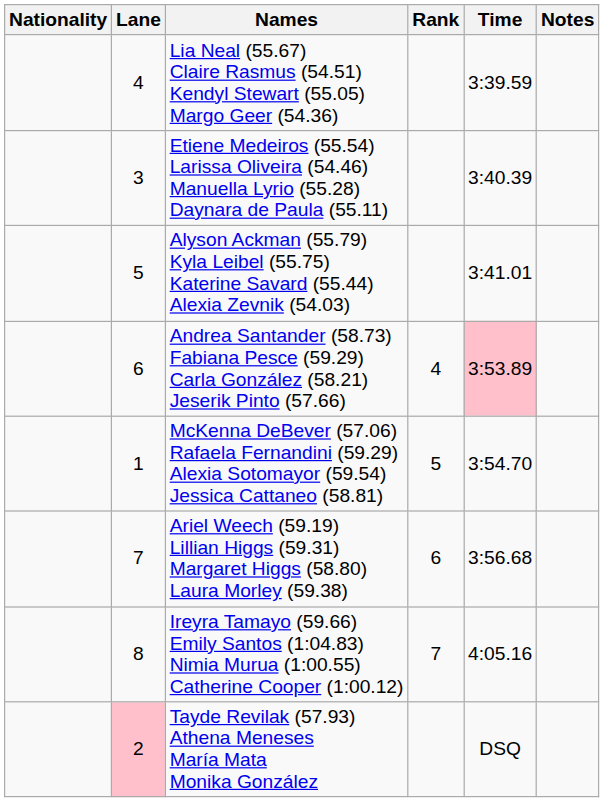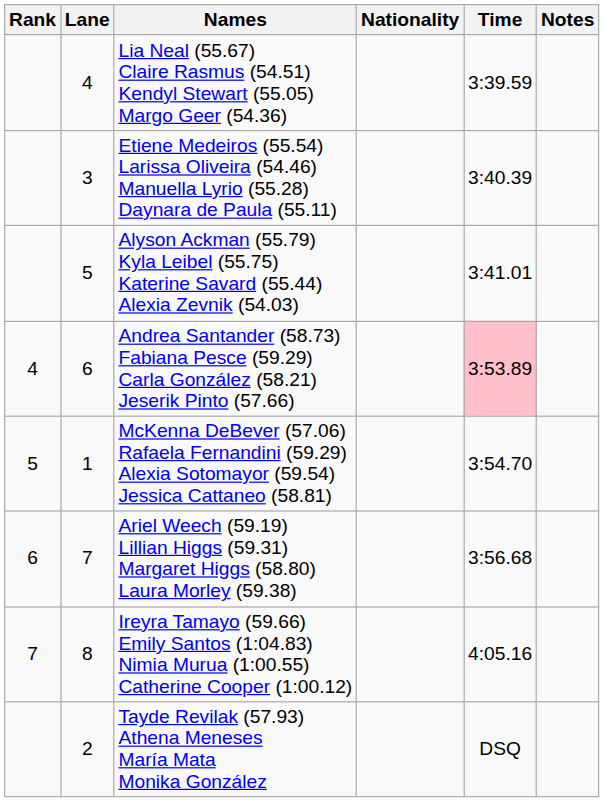 <table class="wikitable sortable" style="text-align:center">
 <tr>
-<th>Nationality</th>
+<th>Rank</th>
 <th>Lane</th>
 <th>Names</th>
-<th>Rank</th>
+<th>Nationality</th>
 <th>Time</th>
 <th>Notes</th>
 </tr>
 <tr>
-<td align=left></td>
+<td></td>
 <td>4</td>
 <td align=left><a href='#'>Lia Neal</a> (55.67)<br><a href='#'>Claire Rasmus</a> (54.51)<br><a href='#'>Kendyl Stewart</a> (55.05)<br><a href='#'>Margo Geer</a> (54.36)</td>
-<td></td>
+<td align=left></td>
 <td>3:39.59</td>
 <td></td>
 </tr>
 <tr>
-<td align=left></td>
+<td></td>
 <td>3</td>
 <td align=left><a href='#'>Etiene Medeiros</a> (55.54)<br><a href='#'>Larissa Oliveira</a> (54.46)<br><a href='#'>Manuella Lyrio</a> (55.28)<br><a href='#'>Daynara de Paula</a> (55.11)</td>
-<td></td>
+<td align=left></td>
 <td>3:40.39</td>
 <td></td>
 </tr>
 <tr>
-<td align=left></td>
+<td></td>
 <td>5</td>
 <td align=left><a href='#'>Alyson Ackman</a> (55.79)<br><a href='#'>Kyla Leibel</a> (55.75)<br><a href='#'>Katerine Savard</a> (55.44)<br><a href='#'>Alexia Zevnik</a> (54.03)</td>
-<td></td>
+<td align=left></td>
 <td>3:41.01</td>
 <td></td>
 </tr>
 <tr>
-<td align=left></td>
+<td>4</td>
 <td>6</td>
 <td align=left><a href='#'>Andrea Santander</a> (58.73)<br><a href='#'>Fabiana Pesce</a> (59.29)<br><a href='#'>Carla González</a> (58.21)<br><a href='#'>Jeserik Pinto</a> (57.66)</td>
-<td>4</td>
+<td align=left></td>
 <td style="background: pink;">3:53.89</td>
 <td></td>
 </tr>
 <tr>
-<td align=left></td>
+<td>5</td>
 <td>1</td>
 <td align=left><a href='#'>McKenna DeBever</a> (57.06)<br><a href='#'>Rafaela Fernandini</a> (59.29)<br><a href='#'>Alexia Sotomayor</a> (59.54)<br><a href='#'>Jessica Cattaneo</a> (58.81)</td>
-<td>5</td>
+<td align=left></td>
 <td>3:54.70</td>
 <td></td>
 </tr>
 <tr>
-<td align=left></td>
+<td>6</td>
 <td>7</td>
 <td align=left><a href='#'>Ariel Weech</a> (59.19)<br><a href='#'>Lillian Higgs</a> (59.31)<br><a href='#'>Margaret Higgs</a> (58.80)<br><a href='#'>Laura Morley</a> (59.38)</td>
-<td>6</td>
+<td align=left></td>
 <td>3:56.68</td>
 <td></td>
 </tr>
 <tr>
-<td align=left></td>
+<td>7</td>
 <td>8</td>
 <td align=left><a href='#'>Ireyra Tamayo</a> (59.66)<br><a href='#'>Emily Santos</a> (1:04.83)<br><a href='#'>Nimia Murua</a> (1:00.55)<br><a href='#'>Catherine Cooper</a> (1:00.12)</td>
-<td>7</td>
+<td align=left></td>
 <td>4:05.16</td>
 <td></td>
 </tr>
 <tr>
+<td></td>
+<td>2</td>
+<td align=left><a href='#'>Tayde Revilak</a> (57.93)<br><a href='#'>Athena Meneses</a> <br><a href='#'>María Mata</a> <br><a href='#'>Monika González</a></td>
 <td align=left></td>
-<td style="background: pink;">2</td>
-<td align=left><a href='#'>Tayde Revilak</a> (57.93)<br><a href='#'>Athena Meneses</a> <br><a href='#'>María Mata</a> <br><a href='#'>Monika González</a></td>
-<td></td>
 <td>DSQ</td>
 <td></td>
 </tr>
 </table>
